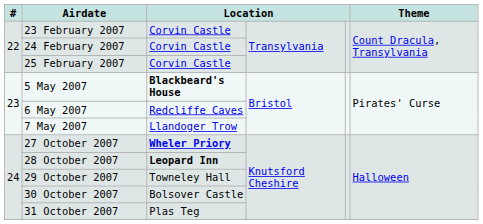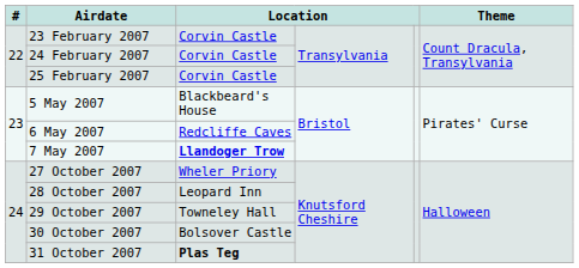 <table class="wikitable" id="series_list" style="width:95%;">
 <tr>
 <th style="background:#c5e4e1;">#</th>
 <th style="background:#c5e4e1; width:150px;">Airdate</th>
 <th style="background:#c5e4e1;" colspan="3">Location</th>
 <th style="background:#c5e4e1;">Theme</th>
 </tr>
 <tr style="background:#dee7e6;">
 <td rowspan="3">22</td>
 <td>23 February 2007</td>
 <td><a href='#'>Corvin Castle</a></td>
 <td rowspan="3"><a href='#'>Transylvania</a></td>
 <td rowspan="3"></td>
 <td rowspan="3"><a href='#'>Count Dracula</a>, <a href='#'>Transylvania</a></td>
 </tr>
 <tr style="background:#dee7e6;">
 <td>24 February 2007</td>
 <td><a href='#'>Corvin Castle</a></td>
 </tr>
 <tr style="background:#dee7e6;">
 <td>25 February 2007</td>
 <td><a href='#'>Corvin Castle</a></td>
 </tr>
 <tr style="background:#eff8f7">
 <td rowspan="3">23</td>
 <td>5 May 2007</td>
-<td><strong>Blackbeard's House</strong></td>
+<td>Blackbeard's House</td>
 <td rowspan="3"><a href='#'>Bristol</a></td>
 <td rowspan="3"></td>
 <td rowspan="3">Pirates' Curse</td>
 </tr>
 <tr style="background:#eff8f7">
 <td>6 May 2007</td>
 <td><a href='#'>Redcliffe Caves</a></td>
 </tr>
 <tr style="background:#eff8f7">
 <td>7 May 2007</td>
-<td><a href='#'>Llandoger Trow</a></td>
+<td><strong><a href='#'>Llandoger Trow</a></strong></td>
 </tr>
 <tr style="background:#dee7e6;">
 <td rowspan="5">24</td>
 <td>27 October 2007</td>
-<td><strong><a href='#'>Wheler Priory</a></strong></td>
+<td><a href='#'>Wheler Priory</a></td>
 <td rowspan="5"><a href='#'>Knutsford</a>  <a href='#'>Cheshire</a></td>
 <td rowspan="5"></td>
 <td rowspan="5"><a href='#'>Halloween</a></td>
 </tr>
 <tr style="background:#dee7e6;">
 <td>28 October 2007</td>
-<td><strong>Leopard Inn</strong></td>
+<td>Leopard Inn</td>
 </tr>
 <tr style="background:#dee7e6;">
 <td>29 October 2007</td>
 <td>Towneley Hall</td>
 </tr>
 <tr style="background:#dee7e6;">
 <td>30 October 2007</td>
 <td>Bolsover Castle</td>
 </tr>
 <tr style="background:#dee7e6;">
 <td>31 October 2007</td>
-<td>Plas Teg</td>
+<td><strong>Plas Teg</strong></td>
 </tr>
 </table>
